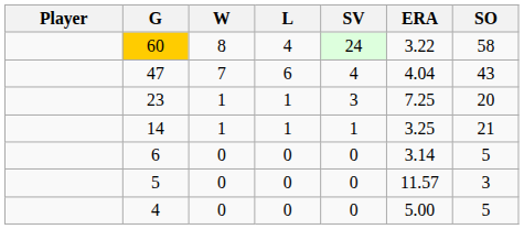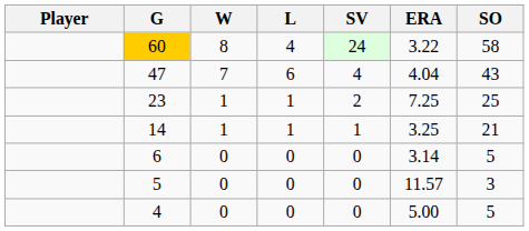 <table class="wikitable sortable">
 <tr>
 <th bgcolor="#DDDDFF" width="16%">Player</th>
 <th bgcolor="#DDDDFF" width="9%">G</th>
 <th bgcolor="#DDDDFF" width="9%">W</th>
 <th bgcolor="#DDDDFF" width="9%">L</th>
 <th bgcolor="#DDDDFF" width="9%">SV</th>
 <th bgcolor="#DDDDFF" width="9%">ERA</th>
 <th bgcolor="#DDDDFF" width="9%">SO</th>
 </tr>
 <tr align="center">
 <td></td>
 <td style="background:#fc0;">60</td>
 <td>8</td>
 <td>4</td>
 <td style="background:#DDFFDD;">24</td>
 <td>3.22</td>
 <td>58</td>
 </tr>
 <tr align="center">
 <td></td>
 <td>47</td>
 <td>7</td>
 <td>6</td>
 <td>4</td>
 <td>4.04</td>
 <td>43</td>
 </tr>
 <tr align="center">
 <td></td>
 <td>23</td>
 <td>1</td>
 <td>1</td>
-<td>3</td>
+<td>2</td>
 <td>7.25</td>
-<td>20</td>
+<td>25</td>
 </tr>
 <tr align="center">
 <td></td>
 <td>14</td>
 <td>1</td>
 <td>1</td>
 <td>1</td>
 <td>3.25</td>
 <td>21</td>
 </tr>
 <tr align="center">
 <td></td>
 <td>6</td>
 <td>0</td>
 <td>0</td>
 <td>0</td>
 <td>3.14</td>
 <td>5</td>
 </tr>
 <tr align="center">
 <td></td>
 <td>5</td>
 <td>0</td>
 <td>0</td>
 <td>0</td>
 <td>11.57</td>
 <td>3</td>
 </tr>
 <tr align="center">
 <td></td>
 <td>4</td>
 <td>0</td>
 <td>0</td>
 <td>0</td>
 <td>5.00</td>
 <td>5</td>
 </tr>
 </table>
